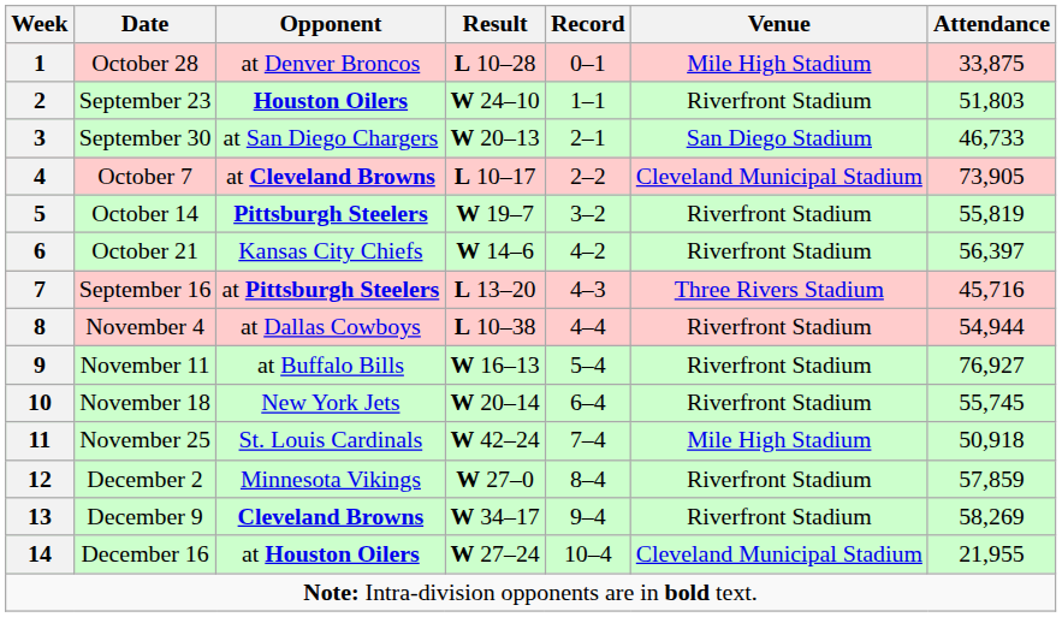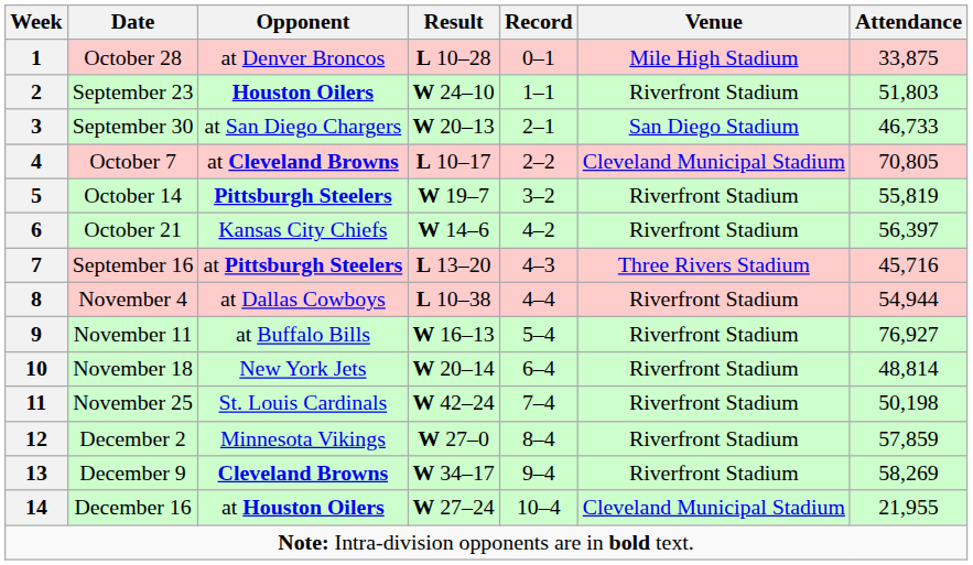 <table class="wikitable" style="text-align:center">
 <tr>
 <th>Week</th>
 <th>Date</th>
 <th>Opponent</th>
 <th>Result</th>
 <th>Record</th>
 <th>Venue</th>
 <th>Attendance</th>
 </tr>
 <tr style="background:#fcc">
 <th>1</th>
 <td>October 28</td>
 <td>at <a href='#'>Denver Broncos</a></td>
 <td><strong>L</strong> 10–28</td>
 <td>0–1</td>
 <td><a href='#'>Mile High Stadium</a></td>
 <td>33,875</td>
 </tr>
 <tr style="background:#cfc">
 <th>2</th>
 <td>September 23</td>
 <td><strong><a href='#'>Houston Oilers</a></strong></td>
 <td><strong>W</strong> 24–10</td>
 <td>1–1</td>
 <td>Riverfront Stadium</td>
 <td>51,803</td>
 </tr>
 <tr style="background:#cfc">
 <th>3</th>
 <td>September 30</td>
 <td>at <a href='#'>San Diego Chargers</a></td>
 <td><strong>W</strong> 20–13</td>
 <td>2–1</td>
 <td><a href='#'>San Diego Stadium</a></td>
 <td>46,733</td>
 </tr>
 <tr style="background:#fcc">
 <th>4</th>
 <td>October 7</td>
 <td>at <strong><a href='#'>Cleveland Browns</a></strong></td>
 <td><strong>L</strong> 10–17</td>
 <td>2–2</td>
 <td><a href='#'>Cleveland Municipal Stadium</a></td>
-<td>73,905</td>
+<td>70,805</td>
 </tr>
 <tr style="background:#cfc">
 <th>5</th>
 <td>October 14</td>
 <td><strong><a href='#'>Pittsburgh Steelers</a></strong></td>
 <td><strong>W</strong> 19–7</td>
 <td>3–2</td>
 <td>Riverfront Stadium</td>
 <td>55,819</td>
 </tr>
 <tr style="background:#cfc">
 <th>6</th>
 <td>October 21</td>
 <td><a href='#'>Kansas City Chiefs</a></td>
 <td><strong>W</strong> 14–6</td>
 <td>4–2</td>
 <td>Riverfront Stadium</td>
 <td>56,397</td>
 </tr>
 <tr style="background:#fcc">
 <th>7</th>
 <td>September 16</td>
 <td>at <strong><a href='#'>Pittsburgh Steelers</a></strong></td>
 <td><strong>L</strong> 13–20</td>
 <td>4–3</td>
 <td><a href='#'>Three Rivers Stadium</a></td>
 <td>45,716</td>
 </tr>
 <tr style="background:#fcc">
 <th>8</th>
 <td>November 4</td>
 <td>at <a href='#'>Dallas Cowboys</a></td>
 <td><strong>L</strong> 10–38</td>
 <td>4–4</td>
 <td>Riverfront Stadium</td>
 <td>54,944</td>
 </tr>
 <tr style="background:#cfc">
 <th>9</th>
 <td>November 11</td>
 <td>at <a href='#'>Buffalo Bills</a></td>
 <td><strong>W</strong> 16–13</td>
 <td>5–4</td>
 <td>Riverfront Stadium</td>
 <td>76,927</td>
 </tr>
 <tr style="background:#cfc">
 <th>10</th>
 <td>November 18</td>
 <td><a href='#'>New York Jets</a></td>
 <td><strong>W</strong> 20–14</td>
 <td>6–4</td>
 <td>Riverfront Stadium</td>
-<td>55,745</td>
+<td>48,814</td>
 </tr>
 <tr style="background:#cfc">
 <th>11</th>
 <td>November 25</td>
 <td><a href='#'>St. Louis Cardinals</a></td>
 <td><strong>W</strong> 42–24</td>
 <td>7–4</td>
-<td><a href='#'>Mile High Stadium</a></td>
-<td>50,918</td>
+<td>Riverfront Stadium</td>
+<td>50,198</td>
 </tr>
 <tr style="background:#cfc">
 <th>12</th>
 <td>December 2</td>
 <td><a href='#'>Minnesota Vikings</a></td>
 <td><strong>W</strong> 27–0</td>
 <td>8–4</td>
 <td>Riverfront Stadium</td>
 <td>57,859</td>
 </tr>
 <tr style="background:#cfc">
 <th>13</th>
 <td>December 9</td>
 <td><strong><a href='#'>Cleveland Browns</a></strong></td>
 <td><strong>W</strong> 34–17</td>
 <td>9–4</td>
 <td>Riverfront Stadium</td>
 <td>58,269</td>
 </tr>
 <tr style="background:#cfc">
 <th>14</th>
 <td>December 16</td>
 <td>at <strong><a href='#'>Houston Oilers</a></strong></td>
 <td><strong>W</strong> 27–24</td>
 <td>10–4</td>
 <td><a href='#'>Cleveland Municipal Stadium</a></td>
 <td>21,955</td>
 </tr>
 <tr>
 <td colspan="8"><strong>Note:</strong> Intra-division opponents are in <strong>bold</strong> text.</td>
 </tr>
 </table>
